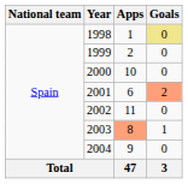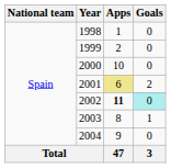 <table class="wikitable" style="text-align:center">
 <tr>
 <th>National team</th>
 <th>Year</th>
 <th>Apps</th>
 <th>Goals</th>
 </tr>
 <tr>
 <td rowspan="7"><a href='#'>Spain</a></td>
 <td>1998</td>
 <td>1</td>
-<td style="background: khaki;">0</td>
+<td>0</td>
 </tr>
 <tr>
 <td>1999</td>
 <td>2</td>
 <td>0</td>
 </tr>
 <tr>
 <td>2000</td>
 <td>10</td>
 <td>0</td>
 </tr>
 <tr>
 <td>2001</td>
-<td>6</td>
-<td style="background: lightsalmon;">2</td>
+<td style="background: khaki;">6</td>
+<td>2</td>
 </tr>
 <tr>
 <td>2002</td>
-<td>11</td>
-<td>0</td>
+<td><strong>11</strong></td>
+<td style="background: paleturquoise;">0</td>
 </tr>
 <tr>
 <td>2003</td>
-<td style="background: lightsalmon;">8</td>
+<td>8</td>
 <td>1</td>
 </tr>
 <tr>
 <td>2004</td>
 <td>9</td>
 <td>0</td>
 </tr>
 <tr>
 <th colspan="2">Total</th>
 <th>47</th>
 <th>3</th>
 </tr>
 </table>
